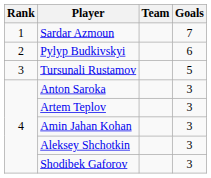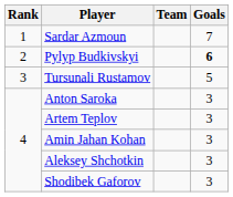 <table class="wikitable">
 <tr>
 <th>Rank</th>
 <th>Player</th>
 <th>Team</th>
 <th>Goals</th>
 </tr>
 <tr>
 <td align=center>1</td>
 <td> <a href='#'>Sardar Azmoun</a></td>
 <td></td>
 <td align=center>7</td>
 </tr>
 <tr>
 <td align=center>2</td>
 <td> <a href='#'>Pylyp Budkivskyi</a></td>
 <td></td>
-<td align=center>6</td>
+<td align=center><strong>6</strong></td>
 </tr>
 <tr>
 <td align=center>3</td>
 <td> <a href='#'>Tursunali Rustamov</a></td>
 <td></td>
 <td align=center>5</td>
 </tr>
 <tr>
 <td align=center rowspan="5">4</td>
 <td> <a href='#'>Anton Saroka</a></td>
 <td></td>
 <td align=center>3</td>
 </tr>
 <tr>
 <td> <a href='#'>Artem Teplov</a></td>
 <td></td>
 <td align=center>3</td>
 </tr>
 <tr>
 <td> <a href='#'>Amin Jahan Kohan</a></td>
 <td></td>
 <td align=center>3</td>
 </tr>
 <tr>
 <td> <a href='#'>Aleksey Shchotkin</a></td>
 <td></td>
 <td align=center>3</td>
 </tr>
 <tr>
 <td> <a href='#'>Shodibek Gaforov</a></td>
 <td></td>
 <td align=center>3</td>
 </tr>
 </table>
